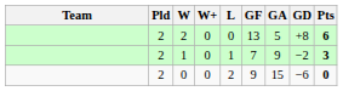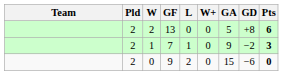 <table class="wikitable" style="text-align: center;">
 <tr>
 <th width="175">Team</th>
 <th width="20">Pld</th>
 <th width="20">W</th>
+<th width="20">GF</th>
+<th width="20">L</th>
 <th width="20">W+</th>
-<th width="20">L</th>
-<th width="20">GF</th>
 <th width="20">GA</th>
 <th width="20">GD</th>
 <th width="20">Pts</th>
 </tr>
 <tr align=center style="background:#ccffcc;">
 <td style="text-align:left;"></td>
 <td>2</td>
 <td>2</td>
+<td>13</td>
 <td>0</td>
 <td>0</td>
-<td>13</td>
 <td>5</td>
 <td>+8</td>
 <td><strong>6</strong></td>
 </tr>
 <tr align=center style="background:#ccffcc;">
 <td style="text-align:left;"></td>
 <td>2</td>
 <td>1</td>
+<td>7</td>
+<td>1</td>
 <td>0</td>
-<td>1</td>
-<td>7</td>
 <td>9</td>
 <td>−2</td>
 <td><strong>3</strong></td>
 </tr>
 <tr align=center style="background:">
 <td style="text-align:left;"></td>
 <td>2</td>
 <td>0</td>
+<td>9</td>
+<td>2</td>
 <td>0</td>
-<td>2</td>
-<td>9</td>
 <td>15</td>
 <td>−6</td>
 <td><strong>0</strong></td>
 </tr>
 </table>
